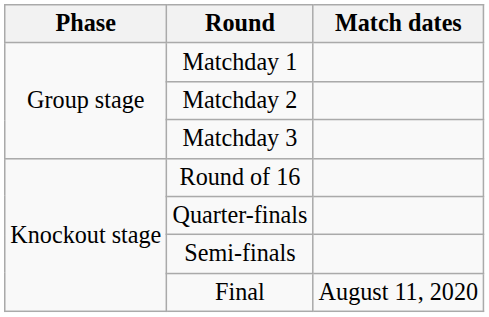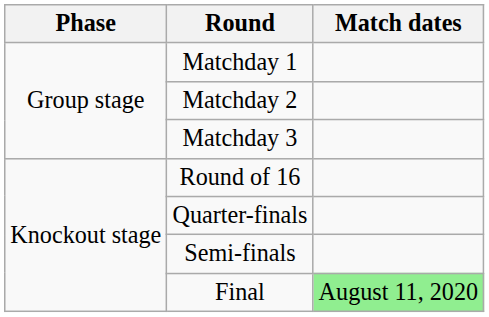 <table class="wikitable" style="text-align:center">
 <tr>
 <th>Phase</th>
 <th>Round</th>
 <th>Match dates</th>
 </tr>
 <tr>
 <td rowspan="3">Group stage</td>
 <td>Matchday 1</td>
 <td></td>
 </tr>
 <tr>
 <td>Matchday 2</td>
 <td></td>
 </tr>
 <tr>
 <td>Matchday 3</td>
 <td></td>
 </tr>
 <tr>
 <td rowspan="4">Knockout stage</td>
 <td>Round of 16</td>
 <td></td>
 </tr>
 <tr>
 <td>Quarter-finals</td>
 <td></td>
 </tr>
 <tr>
 <td>Semi-finals</td>
 <td></td>
 </tr>
 <tr>
 <td>Final</td>
-<td>August 11, 2020</td>
+<td style="background: lightgreen;">August 11, 2020</td>
 </tr>
 </table>
